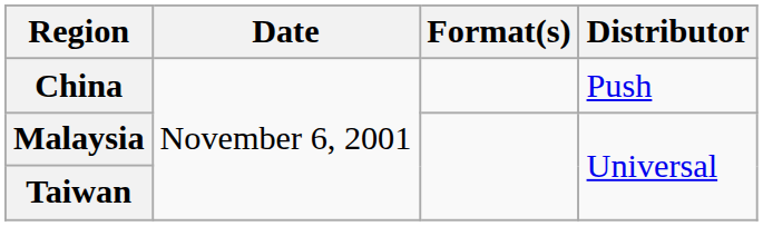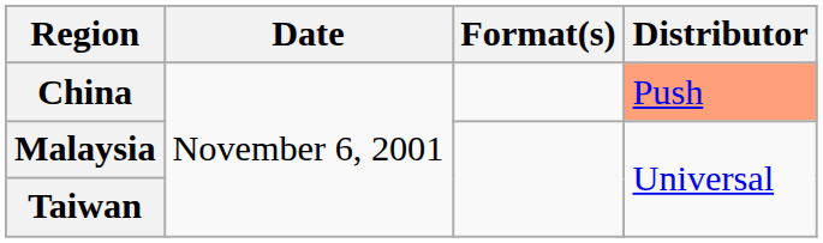 <table class="wikitable plainrowheaders">
 <tr>
 <th>Region</th>
 <th>Date</th>
 <th>Format(s)</th>
 <th>Distributor</th>
 </tr>
 <tr>
 <th scope="row">China</th>
 <td rowspan="3">November 6, 2001</td>
 <td></td>
-<td><a href='#'>Push</a></td>
+<td style="background: lightsalmon;"><a href='#'>Push</a></td>
 </tr>
 <tr>
 <th scope="row">Malaysia</th>
 <td rowspan="2"></td>
 <td rowspan="2"><a href='#'>Universal</a></td>
 </tr>
 <tr>
 <th scope="row">Taiwan</th>
 </tr>
 </table>
